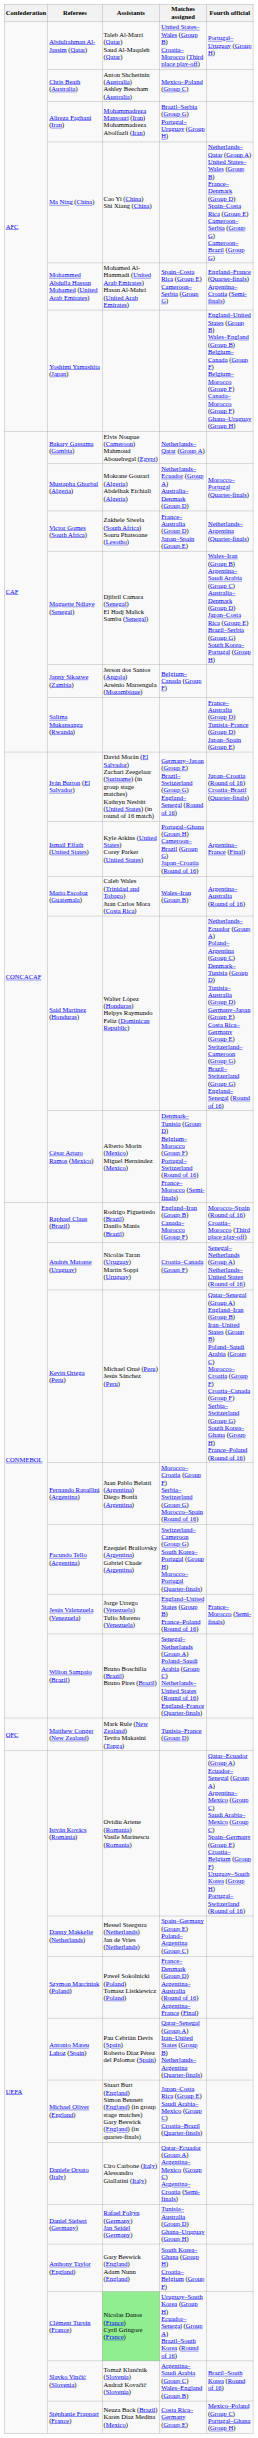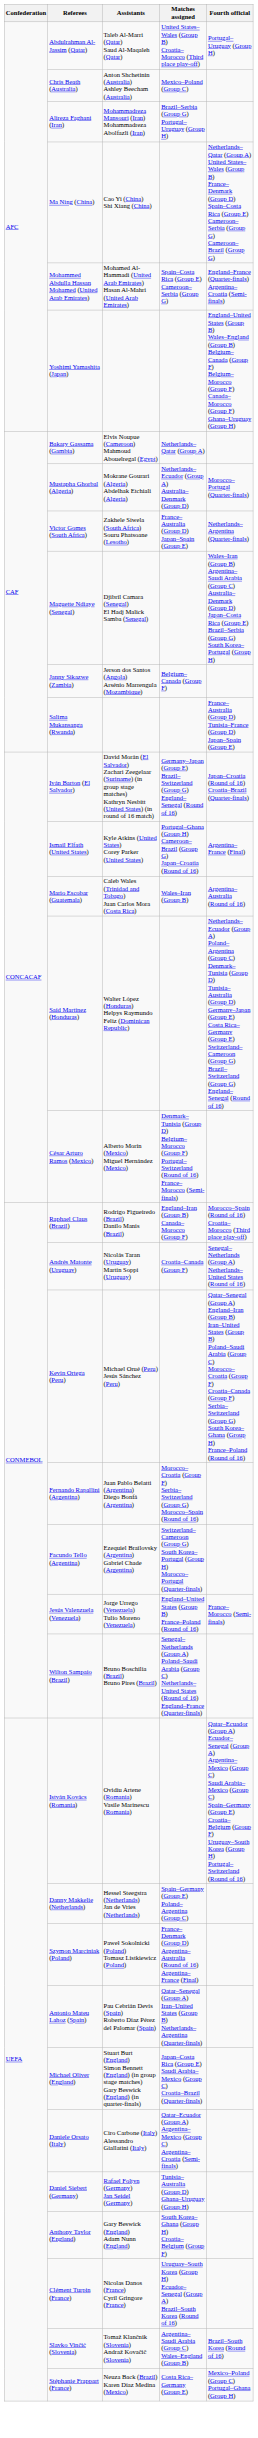 <table class="wikitable">
 <tr>
 <th>Confederation</th>
 <th>Referees</th>
 <th>Assistants</th>
 <th>Matches assigned</th>
 <th><strong>Fourth official</strong></th>
 </tr>
 <tr>
 <td rowspan="6"><a href='#'>AFC</a></td>
 <td><a href='#'>Abdulrahman Al-Jassim</a> (<a href='#'>Qatar</a>)</td>
 <td>Taleb Al-Marri (<a href='#'>Qatar</a>)<br> Saud Al-Maqaleh (<a href='#'>Qatar</a>)</td>
 <td><a href='#'>United States–Wales</a> (<a href='#'>Group B</a>)<br><a href='#'>Croatia–Morocco</a> (<a href='#'>Third place play-off</a>)</td>
 <td><a href='#'>Portugal–Uruguay</a> (<a href='#'>Group H</a>)</td>
 </tr>
 <tr>
 <td><a href='#'>Chris Beath</a> (<a href='#'>Australia</a>)</td>
 <td>Anton Shchetinin (<a href='#'>Australia</a>)<br>Ashley Beecham (<a href='#'>Australia</a>)</td>
 <td><a href='#'>Mexico–Poland</a> (<a href='#'>Group C</a>)</td>
 <td></td>
 </tr>
 <tr>
 <td><a href='#'>Alireza Faghani</a> (<a href='#'>Iran</a>)</td>
 <td><a href='#'>Mohammadreza Mansouri</a> (<a href='#'>Iran</a>)<br>Mohammadreza Abolfazli (<a href='#'>Iran</a>)</td>
 <td><a href='#'>Brazil–Serbia</a> (<a href='#'>Group G</a>)<br><a href='#'>Portugal–Uruguay</a> (<a href='#'>Group H</a>)</td>
 <td></td>
 </tr>
 <tr>
 <td><a href='#'>Ma Ning</a> (<a href='#'>China</a>)</td>
 <td>Cao Yi (<a href='#'>China</a>)<br>Shi Xiang (<a href='#'>China</a>)</td>
 <td></td>
 <td><a href='#'>Netherlands–Qatar</a> (<a href='#'>Group A</a>)<br><a href='#'>United States–Wales</a> (<a href='#'>Group B</a>)<br><a href='#'>France–Denmark</a> (<a href='#'>Group D</a>)<br><a href='#'>Spain–Costa Rica</a> (<a href='#'>Group E</a>)<br><a href='#'>Cameroon–Serbia</a> (<a href='#'>Group G</a>)<br><a href='#'>Cameroon–Brazil</a> (<a href='#'>Group G</a>)</td>
 </tr>
 <tr>
 <td><a href='#'>Mohammed Abdulla Hassan Mohamed</a> (<a href='#'>United Arab Emirates</a>)</td>
 <td>Mohamed Al-Hammadi (<a href='#'>United Arab Emirates</a>)<br>Hasan Al-Mahri (<a href='#'>United Arab Emirates</a>)</td>
 <td><a href='#'>Spain–Costa Rica</a> (<a href='#'>Group E</a>)<br><a href='#'>Cameroon–Serbia</a> (<a href='#'>Group G</a>)</td>
 <td><a href='#'>England–France</a> (<a href='#'>Quarter-finals</a>)<br><a href='#'>Argentina–Croatia</a> (<a href='#'>Semi-finals</a>)</td>
 </tr>
 <tr>
 <td><a href='#'>Yoshimi Yamashita</a> (<a href='#'>Japan</a>)</td>
 <td></td>
 <td></td>
 <td><a href='#'>England–United States</a> (<a href='#'>Group B</a>)<br><a href='#'>Wales–England</a> (<a href='#'>Group B</a>)<br><a href='#'>Belgium–Canada</a> (<a href='#'>Group F</a>)<br><a href='#'>Belgium–Morocco</a> (<a href='#'>Group F</a>)<br><a href='#'>Canada–Morocco</a> (<a href='#'>Group F</a>)<br><a href='#'>Ghana–Uruguay</a> (<a href='#'>Group H</a>)</td>
 </tr>
 <tr>
 <td rowspan="6"><a href='#'>CAF</a></td>
 <td><a href='#'>Bakary Gassama</a> (<a href='#'>Gambia</a>)</td>
 <td>Elvis Noupue (<a href='#'>Cameroon</a>)<br>Mahmoud Abouelregal (<a href='#'>Egypt</a>)</td>
 <td><a href='#'>Netherlands–Qatar</a> (<a href='#'>Group A</a>)</td>
 <td></td>
 </tr>
 <tr>
 <td><a href='#'>Mustapha Ghorbal</a> (<a href='#'>Algeria</a>)</td>
 <td>Mokrane Gourari (<a href='#'>Algeria</a>)<br>Abdelhak Etchiali (<a href='#'>Algeria</a>)</td>
 <td><a href='#'>Netherlands–Ecuador</a> (<a href='#'>Group A</a>)<br><a href='#'>Australia–Denmark</a> (<a href='#'>Group D</a>)</td>
 <td><a href='#'>Morocco–Portugal</a> (<a href='#'>Quarter-finals</a>)</td>
 </tr>
 <tr>
 <td><a href='#'>Victor Gomes</a> (<a href='#'>South Africa</a>)</td>
 <td>Zakhele Siwela (<a href='#'>South Africa</a>)<br>Souru Phatsoane (<a href='#'>Lesotho</a>)</td>
 <td><a href='#'>France–Australia</a> (<a href='#'>Group D</a>)<br><a href='#'>Japan–Spain</a> (<a href='#'>Group E</a>)</td>
 <td><a href='#'>Netherlands–Argentina</a> (<a href='#'>Quarter-finals</a>)</td>
 </tr>
 <tr>
 <td><a href='#'>Maguette Ndiaye</a> (<a href='#'>Senegal</a>)</td>
 <td>Djibril Camara (<a href='#'>Senegal</a>)<br>El Hadj Malick Samba (<a href='#'>Senegal</a>)</td>
 <td></td>
 <td><a href='#'>Wales–Iran</a> (<a href='#'>Group B</a>)<br><a href='#'>Argentina–Saudi Arabia</a> (<a href='#'>Group C</a>)<br><a href='#'>Australia–Denmark</a> (<a href='#'>Group D</a>)<br><a href='#'>Japan–Costa Rica</a> (<a href='#'>Group E</a>)<br><a href='#'>Brazil–Serbia</a> (<a href='#'>Group G</a>)<br><a href='#'>South Korea–Portugal</a> (<a href='#'>Group H</a>)</td>
 </tr>
 <tr>
 <td><a href='#'>Janny Sikazwe</a> (<a href='#'>Zambia</a>)</td>
 <td>Jerson dos Santos (<a href='#'>Angola</a>)<br>Arsénio Marrengula (<a href='#'>Mozambique</a>)</td>
 <td><a href='#'>Belgium–Canada</a> (<a href='#'>Group F</a>)</td>
 <td></td>
 </tr>
 <tr>
 <td><a href='#'>Salima Mukansanga</a> (<a href='#'>Rwanda</a>)</td>
 <td></td>
 <td></td>
 <td><a href='#'>France–Australia</a> (<a href='#'>Group D</a>)<br><a href='#'>Tunisia–France</a> (<a href='#'>Group D</a>)<br><a href='#'>Japan–Spain</a> (<a href='#'>Group E</a>)</td>
 </tr>
 <tr>
 <td rowspan="5"><a href='#'>CONCACAF</a></td>
 <td><a href='#'>Iván Barton</a> (<a href='#'>El Salvador</a>)</td>
 <td>David Morán (<a href='#'>El Salvador</a>)<br>Zachari Zeegelaar (<a href='#'>Suriname</a>) (in group stage matches)<br>Kathryn Nesbitt (<a href='#'>United States</a>) (in round of 16 match)</td>
 <td><a href='#'>Germany–Japan</a> (<a href='#'>Group E</a>)<br><a href='#'>Brazil–Switzerland</a> (<a href='#'>Group G</a>)<br><a href='#'>England–Senegal</a> (<a href='#'>Round of 16</a>)</td>
 <td><a href='#'>Japan–Croatia</a> (<a href='#'>Round of 16</a>)<br><a href='#'>Croatia–Brazil</a> (<a href='#'>Quarter-finals</a>)</td>
 </tr>
 <tr>
 <td><a href='#'>Ismail Elfath</a> (<a href='#'>United States</a>)</td>
 <td>Kyle Atkins (<a href='#'>United States</a>)<br>Corey Parker (<a href='#'>United States</a>)</td>
 <td><a href='#'>Portugal–Ghana</a> (<a href='#'>Group H</a>)<br><a href='#'>Cameroon–Brazil</a> (<a href='#'>Group G</a>)<br><a href='#'>Japan–Croatia</a> (<a href='#'>Round of 16</a>)</td>
 <td><a href='#'>Argentina–France</a> (<a href='#'>Final</a>)</td>
 </tr>
 <tr>
 <td><a href='#'>Mario Escobar</a> (<a href='#'>Guatemala</a>)</td>
 <td>Caleb Wales (<a href='#'>Trinidad and Tobago</a>)<br>Juan Carlos Mora (<a href='#'>Costa Rica</a>)</td>
 <td><a href='#'>Wales–Iran</a> (<a href='#'>Group B</a>)</td>
 <td><a href='#'>Argentina–Australia</a> (<a href='#'>Round of 16</a>)</td>
 </tr>
 <tr>
 <td><a href='#'>Saíd Martínez</a> (<a href='#'>Honduras</a>)</td>
 <td>Walter López (<a href='#'>Honduras</a>)<br>Helpys Raymundo Feliz (<a href='#'>Dominican Republic</a>)</td>
 <td></td>
 <td><a href='#'>Netherlands–Ecuador</a> (<a href='#'>Group A</a>)<br><a href='#'>Poland–Argentina</a> (<a href='#'>Group C</a>)<br><a href='#'>Denmark–Tunisia</a> (<a href='#'>Group D</a>)<br><a href='#'>Tunisia–Australia</a> (<a href='#'>Group D</a>)<br><a href='#'>Germany–Japan</a> (<a href='#'>Group E</a>)<br><a href='#'>Costa Rica–Germany</a> (<a href='#'>Group E</a>)<br><a href='#'>Switzerland–Cameroon</a> (<a href='#'>Group G</a>)<br><a href='#'>Brazil–Switzerland</a> (<a href='#'>Group G</a>)<br><a href='#'>England–Senegal</a> (<a href='#'>Round of 16</a>)</td>
 </tr>
 <tr>
 <td><a href='#'>César Arturo Ramos</a> (<a href='#'>Mexico</a>)</td>
 <td>Alberto Morín (<a href='#'>Mexico</a>)<br>Miguel Hernández (<a href='#'>Mexico</a>)</td>
 <td><a href='#'>Denmark–Tunisia</a> (<a href='#'>Group D</a>)<br><a href='#'>Belgium–Morocco</a> (<a href='#'>Group F</a>)<br><a href='#'>Portugal–Switzerland</a> (<a href='#'>Round of 16</a>)<br><a href='#'>France–Morocco</a> (<a href='#'>Semi-finals</a>)</td>
 <td></td>
 </tr>
 <tr>
 <td rowspan="7"><a href='#'>CONMEBOL</a></td>
 <td><a href='#'>Raphael Claus</a> (<a href='#'>Brazil</a>)</td>
 <td>Rodrigo Figueiredo (<a href='#'>Brazil</a>)<br>Danilo Manis (<a href='#'>Brazil</a>)</td>
 <td><a href='#'>England–Iran</a> (<a href='#'>Group B</a>)<br><a href='#'>Canada–Morocco</a> (<a href='#'>Group F</a>)</td>
 <td><a href='#'>Morocco–Spain</a> (<a href='#'>Round of 16</a>)<br><a href='#'>Croatia–Morocco</a> (<a href='#'>Third place play-off</a>)</td>
 </tr>
 <tr>
 <td><a href='#'>Andrés Matonte</a> (<a href='#'>Uruguay</a>)</td>
 <td>Nicolás Taran (<a href='#'>Uruguay</a>)<br>Martín Soppi (<a href='#'>Uruguay</a>)</td>
 <td><a href='#'>Croatia–Canada</a> (<a href='#'>Group F</a>)</td>
 <td><a href='#'>Senegal–Netherlands</a> (<a href='#'>Group A</a>)<br><a href='#'>Netherlands–United States</a> (<a href='#'>Round of 16</a>)</td>
 </tr>
 <tr>
 <td><a href='#'>Kevin Ortega</a> (<a href='#'>Peru</a>)</td>
 <td>Michael Orué (<a href='#'>Peru</a>)<br>Jesús Sánchez (<a href='#'>Peru</a>)</td>
 <td></td>
 <td><a href='#'>Qatar–Senegal</a> (<a href='#'>Group A</a>)<br><a href='#'>England–Iran</a> (<a href='#'>Group B</a>)<br><a href='#'>Iran–United States</a> (<a href='#'>Group B</a>)<br><a href='#'>Poland–Saudi Arabia</a> (<a href='#'>Group C</a>)<br><a href='#'>Morocco–Croatia</a> (<a href='#'>Group F</a>)<br><a href='#'>Croatia–Canada</a> (<a href='#'>Group F</a>)<br><a href='#'>Serbia–Switzerland</a> (<a href='#'>Group G</a>)<br><a href='#'>South Korea–Ghana</a> (<a href='#'>Group H</a>)<br><a href='#'>France–Poland</a> (<a href='#'>Round of 16</a>)</td>
 </tr>
 <tr>
 <td><a href='#'>Fernando Rapallini</a> (<a href='#'>Argentina</a>)</td>
 <td>Juan Pablo Belatti (<a href='#'>Argentina</a>)<br>Diego Bonfá (<a href='#'>Argentina</a>)</td>
 <td><a href='#'>Morocco–Croatia</a> (<a href='#'>Group F</a>)<br><a href='#'>Serbia–Switzerland</a> (<a href='#'>Group G</a>)<br><a href='#'>Morocco–Spain</a> (<a href='#'>Round of 16</a>)</td>
 <td></td>
 </tr>
 <tr>
 <td><a href='#'>Facundo Tello</a> (<a href='#'>Argentina</a>)</td>
 <td>Ezequiel Brailovsky (<a href='#'>Argentina</a>)<br>Gabriel Chade (<a href='#'>Argentina</a>)</td>
 <td><a href='#'>Switzerland–Cameroon</a> (<a href='#'>Group G</a>)<br><a href='#'>South Korea–Portugal</a> (<a href='#'>Group H</a>)<br><a href='#'>Morocco–Portugal</a> (<a href='#'>Quarter-finals</a>)</td>
 <td></td>
 </tr>
 <tr>
 <td><a href='#'>Jesús Valenzuela</a> (<a href='#'>Venezuela</a>)</td>
 <td>Jorge Urrego (<a href='#'>Venezuela</a>)<br>Tulio Moreno (<a href='#'>Venezuela</a>)</td>
 <td><a href='#'>England–United States</a> (<a href='#'>Group B</a>)<br><a href='#'>France–Poland</a> (<a href='#'>Round of 16</a>)</td>
 <td><a href='#'>France–Morocco</a> (<a href='#'>Semi-finals</a>)</td>
 </tr>
 <tr>
 <td><a href='#'>Wilton Sampaio</a> (<a href='#'>Brazil</a>)</td>
 <td>Bruno Boschilia (<a href='#'>Brazil</a>)<br>Bruno Pires (<a href='#'>Brazil</a>)</td>
 <td><a href='#'>Senegal–Netherlands</a> (<a href='#'>Group A</a>)<br><a href='#'>Poland–Saudi Arabia</a> (<a href='#'>Group C</a>)<br><a href='#'>Netherlands–United States</a> (<a href='#'>Round of 16</a>)<br><a href='#'>England–France</a> (<a href='#'>Quarter-finals</a>)</td>
 <td></td>
 </tr>
 <tr>
-<td><a href='#'>OFC</a></td>
-<td><a href='#'>Matthew Conger</a> (<a href='#'>New Zealand</a>)</td>
-<td>Mark Rule (<a href='#'>New Zealand</a>)<br>Tevita Makasini (<a href='#'>Tonga</a>)</td>
-<td><a href='#'>Tunisia–France</a> (<a href='#'>Group D</a>)</td>
-<td></td>
-</tr>
-<tr>
 <td rowspan="11"><a href='#'>UEFA</a></td>
 <td><a href='#'>István Kovács</a> (<a href='#'>Romania</a>)</td>
 <td>Ovidiu Artene (<a href='#'>Romania</a>)<br>Vasile Marinescu (<a href='#'>Romania</a>)</td>
 <td></td>
 <td><a href='#'>Qatar–Ecuador</a> (<a href='#'>Group A</a>)<br><a href='#'>Ecuador–Senegal</a> (<a href='#'>Group A</a>)<br><a href='#'>Argentina–Mexico</a> (<a href='#'>Group C</a>)<br><a href='#'>Saudi Arabia–Mexico</a> (<a href='#'>Group C</a>)<br><a href='#'>Spain–Germany</a> (<a href='#'>Group E</a>)<br><a href='#'>Croatia–Belgium</a> (<a href='#'>Group F</a>)<br><a href='#'>Uruguay–South Korea</a> (<a href='#'>Group H</a>)<br><a href='#'>Portugal–Switzerland</a> (<a href='#'>Round of 16</a>)</td>
 </tr>
 <tr>
 <td><a href='#'>Danny Makkelie</a> (<a href='#'>Netherlands</a>)</td>
 <td>Hessel Steegstra (<a href='#'>Netherlands</a>)<br>Jan de Vries (<a href='#'>Netherlands</a>)</td>
 <td><a href='#'>Spain–Germany</a> (<a href='#'>Group E</a>)<br><a href='#'>Poland–Argentina</a> (<a href='#'>Group C</a>)</td>
 <td></td>
 </tr>
 <tr>
 <td><a href='#'>Szymon Marciniak</a> (<a href='#'>Poland</a>)</td>
 <td>Paweł Sokolnicki (<a href='#'>Poland</a>)<br>Tomasz Listkiewicz (<a href='#'>Poland</a>)</td>
 <td><a href='#'>France–Denmark</a> (<a href='#'>Group D</a>)<br><a href='#'>Argentina–Australia</a> (<a href='#'>Round of 16</a>)<br><a href='#'>Argentina–France</a> (<a href='#'>Final</a>)</td>
 <td></td>
 </tr>
 <tr>
 <td><a href='#'>Antonio Mateu Lahoz</a> (<a href='#'>Spain</a>)</td>
 <td>Pau Cebrián Devís (<a href='#'>Spain</a>)<br>Roberto Díaz Pérez del Palomar (<a href='#'>Spain</a>)</td>
 <td><a href='#'>Qatar–Senegal</a> (<a href='#'>Group A</a>)<br><a href='#'>Iran–United States</a> (<a href='#'>Group B</a>)<br><a href='#'>Netherlands–Argentina</a> (<a href='#'>Quarter-finals</a>)</td>
 <td></td>
 </tr>
 <tr>
 <td><a href='#'>Michael Oliver</a> (<a href='#'>England</a>)</td>
 <td>Stuart Burt (<a href='#'>England</a>)<br>Simon Bennett (<a href='#'>England</a>) (in group stage matches)<br>Gary Beswick (<a href='#'>England</a>) (in quarter-finals)</td>
 <td><a href='#'>Japan–Costa Rica</a> (<a href='#'>Group E</a>)<br><a href='#'>Saudi Arabia–Mexico</a> (<a href='#'>Group C</a>)<br><a href='#'>Croatia–Brazil</a> (<a href='#'>Quarter-finals</a>)</td>
 <td></td>
 </tr>
 <tr>
 <td><a href='#'>Daniele Orsato</a> (<a href='#'>Italy</a>)</td>
 <td>Ciro Carbone (<a href='#'>Italy</a>)<br>Alessandro Giallatini (<a href='#'>Italy</a>)</td>
 <td><a href='#'>Qatar–Ecuador</a> (<a href='#'>Group A</a>)<br><a href='#'>Argentina–Mexico</a> (<a href='#'>Group C</a>)<br><a href='#'>Argentina–Croatia</a> (<a href='#'>Semi-finals</a>)</td>
 <td></td>
 </tr>
 <tr>
 <td><a href='#'>Daniel Siebert</a> (<a href='#'>Germany</a>)</td>
 <td><a href='#'>Rafael Foltyn</a> (<a href='#'>Germany</a>)<br><a href='#'>Jan Seidel</a> (<a href='#'>Germany</a>)</td>
 <td><a href='#'>Tunisia–Australia</a> (<a href='#'>Group D</a>)<br><a href='#'>Ghana–Uruguay</a> (<a href='#'>Group H</a>)</td>
 <td></td>
 </tr>
 <tr>
 <td><a href='#'>Anthony Taylor</a> (<a href='#'>England</a>)</td>
 <td>Gary Beswick (<a href='#'>England</a>)<br>Adam Nunn (<a href='#'>England</a>)</td>
 <td><a href='#'>South Korea–Ghana</a> (<a href='#'>Group H</a>)<br><a href='#'>Croatia–Belgium</a> (<a href='#'>Group F</a>)</td>
 <td></td>
 </tr>
 <tr>
 <td><a href='#'>Clément Turpin</a> (<a href='#'>France</a>)</td>
-<td style="background: lightgreen;">Nicolas Danos (<a href='#'>France</a>)<br>Cyril Gringore (<a href='#'>France</a>)</td>
+<td>Nicolas Danos (<a href='#'>France</a>)<br>Cyril Gringore (<a href='#'>France</a>)</td>
 <td><a href='#'>Uruguay–South Korea</a> (<a href='#'>Group H</a>)<br><a href='#'>Ecuador–Senegal</a> (<a href='#'>Group A</a>)<br><a href='#'>Brazil–South Korea</a> (<a href='#'>Round of 16</a>)</td>
 <td></td>
 </tr>
 <tr>
 <td><a href='#'>Slavko Vinčić</a> (<a href='#'>Slovenia</a>)</td>
 <td>Tomaž Klančnik (<a href='#'>Slovenia</a>)<br>Andraž Kovačič (<a href='#'>Slovenia</a>)</td>
 <td><a href='#'>Argentina–Saudi Arabia</a> (<a href='#'>Group C</a>)<br><a href='#'>Wales–England</a> (<a href='#'>Group B</a>)</td>
 <td><a href='#'>Brazil–South Korea</a> (<a href='#'>Round of 16</a>)</td>
 </tr>
 <tr>
 <td><a href='#'>Stéphanie Frappart</a> (<a href='#'>France</a>)</td>
 <td>Neuza Back (<a href='#'>Brazil</a>)<br>Karen Díaz Medina (<a href='#'>Mexico</a>)</td>
 <td><a href='#'>Costa Rica–Germany</a> (<a href='#'>Group E</a>)</td>
 <td><a href='#'>Mexico–Poland</a> (<a href='#'>Group C</a>)<br><a href='#'>Portugal–Ghana</a> (<a href='#'>Group H</a>)</td>
 </tr>
 </table>
